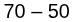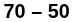 <table style="text-align:center;">
 <tr>
 <th width=200></th>
 <th width=100></th>
 <th width=200></th>
 <th></th>
 </tr>
 <tr>
 <td align=right><strong></strong></td>
-<td>70 – 50</td>
+<td><strong>70 – 50</strong></td>
 <td align=left></td>
 </tr>
 </table>
